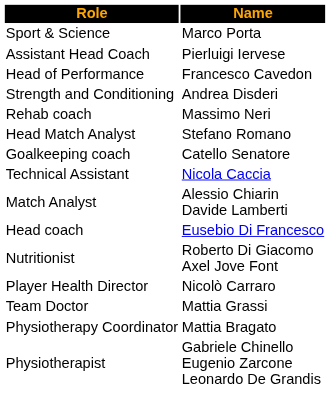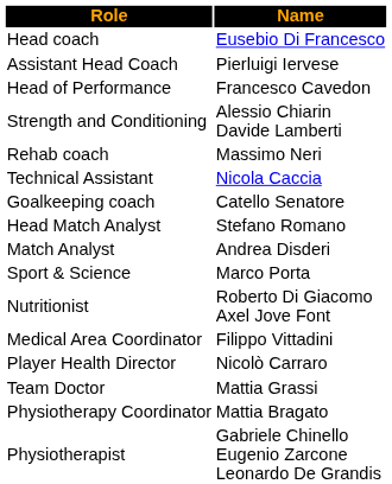 <table class="toccolours">
 <tr>
 <th style="background:#000000;color:orange;">Role</th>
 <th style="background:#000000;color:orange;">Name</th>
 </tr>
 <tr>
-<td>Sport & Science</td>
-<td> Marco Porta</td>
+<td>Head coach</td>
+<td> <a href='#'>Eusebio Di Francesco</a></td>
 </tr>
 <tr>
 <td>Assistant Head Coach</td>
 <td> Pierluigi Iervese</td>
 </tr>
 <tr>
 <td>Head of Performance</td>
 <td> Francesco Cavedon</td>
 </tr>
 <tr>
 <td>Strength and Conditioning</td>
-<td> Andrea Disderi</td>
+<td> Alessio Chiarin <br>  Davide Lamberti</td>
 </tr>
 <tr>
 <td>Rehab coach</td>
 <td> Massimo Neri</td>
 </tr>
 <tr>
-<td>Head Match Analyst</td>
-<td> Stefano Romano</td>
+<td>Technical Assistant</td>
+<td> <a href='#'>Nicola Caccia</a></td>
 </tr>
 <tr>
 <td>Goalkeeping coach</td>
 <td> Catello Senatore</td>
 </tr>
 <tr>
-<td>Technical Assistant</td>
-<td> <a href='#'>Nicola Caccia</a></td>
+<td>Head Match Analyst</td>
+<td> Stefano Romano</td>
 </tr>
 <tr>
 <td>Match Analyst</td>
-<td> Alessio Chiarin <br>  Davide Lamberti</td>
+<td> Andrea Disderi</td>
 </tr>
 <tr>
-<td>Head coach</td>
-<td> <a href='#'>Eusebio Di Francesco</a></td>
+<td>Sport & Science</td>
+<td> Marco Porta</td>
 </tr>
 <tr>
 <td>Nutritionist</td>
 <td> Roberto Di Giacomo <br>  Axel Jove Font</td>
+</tr>
+<tr>
+<td>Medical Area Coordinator</td>
+<td> Filippo Vittadini</td>
 </tr>
 <tr>
 <td>Player Health Director</td>
 <td> Nicolò Carraro</td>
 </tr>
 <tr>
 <td>Team Doctor</td>
 <td> Mattia Grassi</td>
 </tr>
 <tr>
 <td>Physiotherapy Coordinator</td>
 <td> Mattia Bragato</td>
 </tr>
 <tr>
 <td>Physiotherapist</td>
 <td> Gabriele Chinello <br>  Eugenio Zarcone <br>  Leonardo De Grandis</td>
 </tr>
 </table>
